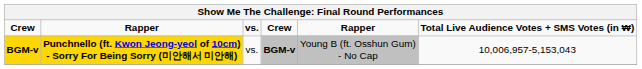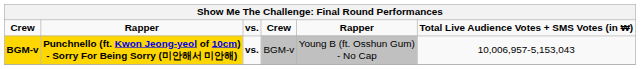 <table class="wikitable" border="2" style="text-align:center">
 <tr>
 <th colspan="6">Show Me The Challenge: Final Round Performances</th>
 </tr>
 <tr>
 <td><strong>Crew</strong></td>
 <td><strong>Rapper</strong></td>
 <td><strong>vs.</strong></td>
 <td><strong>Crew</strong></td>
 <td><strong>Rapper</strong></td>
 <td><strong>Total Live Audience Votes + SMS Votes (in ₩)</strong></td>
 </tr>
 <tr>
 <td style="background:gold"><strong>BGM-v</strong></td>
 <td style="background:gold"><strong>Punchnello (ft. <a href='#'>Kwon Jeong-yeol</a> of <a href='#'>10cm</a>)<br>- Sorry For Being Sorry (미안해서 미안해)</strong></td>
-<td>vs.</td>
-<td style="background:silver"><strong>BGM-v</strong></td>
+<td><strong>vs.</strong></td>
+<td style="background:silver">BGM-v</td>
 <td style="background:silver">Young B (ft. Osshun Gum)<br>- No Cap</td>
 <td>10,006,957-5,153,043</td>
 </tr>
 <tr>
 </tr>
 </table>
